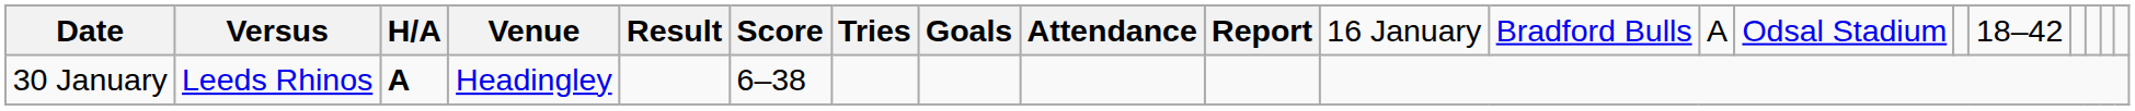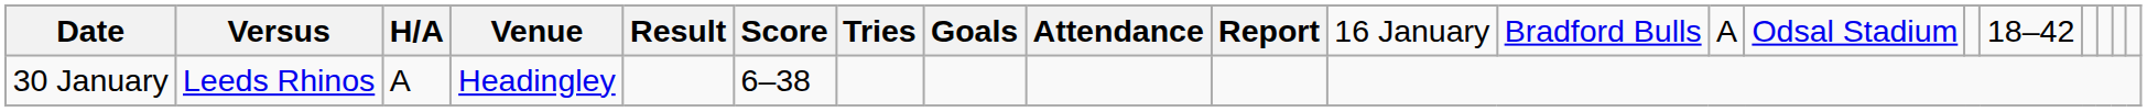 <table class="wikitable defaultleft col3center col6center col9right" style="font-size:90%;">
 <tr>
 <th>Date</th>
 <th>Versus</th>
 <th>H/A</th>
 <th>Venue</th>
 <th>Result</th>
 <th>Score</th>
 <th>Tries</th>
 <th>Goals</th>
 <th>Attendance</th>
 <th>Report</th>
 <td>16 January</td>
 <td> <a href='#'>Bradford Bulls</a></td>
 <td>A</td>
 <td><a href='#'>Odsal Stadium</a></td>
 <td></td>
 <td>18–42</td>
 <td></td>
 <td></td>
 <td></td>
 <td></td>
 </tr>
 <tr>
 <td>30 January</td>
 <td> <a href='#'>Leeds Rhinos</a></td>
-<td><strong>A</strong></td>
+<td>A</td>
 <td><a href='#'>Headingley</a></td>
 <td></td>
 <td>6–38</td>
 <td></td>
 <td></td>
 <td></td>
 <td></td>
 </tr>
 </table>
